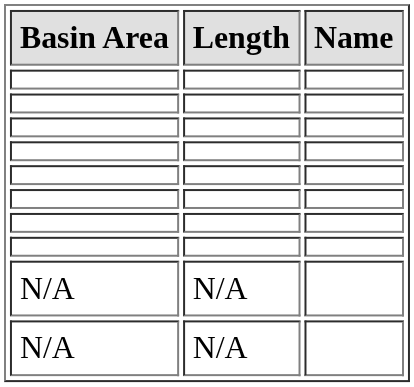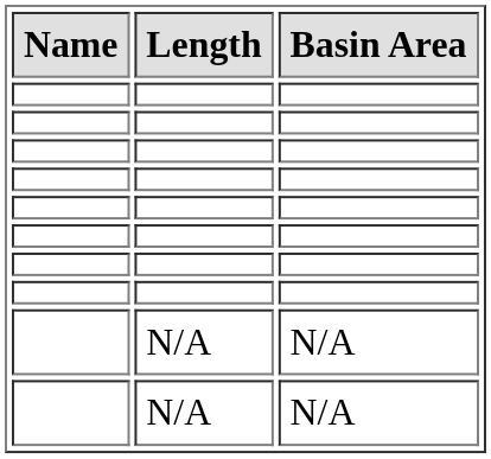 <table border="1" cellpadding="4">
 <tr align=center ; bgcolor=#e0e0e0>
+<th>Name</th>
+<th>Length</th>
 <th>Basin Area</th>
-<th>Length</th>
-<th>Name</th>
 </tr>
 <tr>
 <td></td>
 <td></td>
 <td></td>
 </tr>
 <tr>
 <td></td>
 <td></td>
 <td></td>
 </tr>
 <tr>
 <td></td>
 <td></td>
 <td></td>
 </tr>
 <tr>
 <td></td>
 <td></td>
 <td></td>
 </tr>
 <tr>
 <td></td>
 <td></td>
 <td></td>
 </tr>
 <tr>
 <td></td>
 <td></td>
 <td></td>
 </tr>
 <tr>
 <td></td>
 <td></td>
 <td></td>
 </tr>
 <tr>
 <td></td>
 <td></td>
 <td></td>
 </tr>
 <tr>
+<td></td>
 <td>N/A</td>
 <td>N/A</td>
-<td></td>
 </tr>
 <tr>
+<td></td>
 <td>N/A</td>
 <td>N/A</td>
-<td></td>
 </tr>
 </table>
